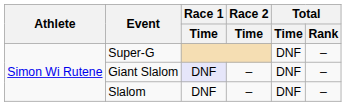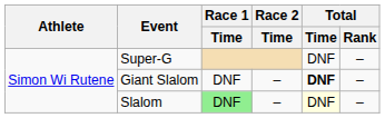 <table class="wikitable" style="font-size:90%">
 <tr>
 <th rowspan="2">Athlete</th>
 <th rowspan="2">Event</th>
 <th>Race 1</th>
 <th>Race 2</th>
 <th colspan="2">Total</th>
 </tr>
 <tr>
 <th>Time</th>
 <th>Time</th>
 <th>Time</th>
 <th>Rank</th>
 </tr>
 <tr>
 <td rowspan=3><a href='#'>Simon Wi Rutene</a></td>
 <td>Super-G</td>
 <td colspan="2" bgcolor="wheat"></td>
 <td align="center">DNF</td>
 <td align="center">–</td>
 </tr>
 <tr>
 <td>Giant Slalom</td>
-<td align="center" style="background: lavender;">DNF</td>
+<td align="center">DNF</td>
 <td align="center">–</td>
-<td align="center">DNF</td>
+<td align="center"><strong>DNF</strong></td>
 <td align="center">–</td>
 </tr>
 <tr>
 <td>Slalom</td>
-<td align="center">DNF</td>
+<td align="center" style="background: lightgreen;">DNF</td>
 <td align="center">–</td>
-<td align="center">DNF</td>
+<td align="center" style="background: lightyellow;">DNF</td>
 <td align="center">–</td>
 </tr>
 </table>
